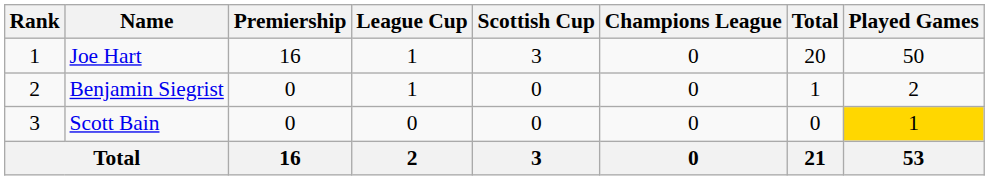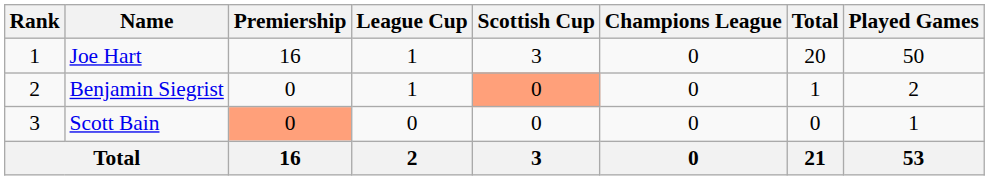 <table class="wikitable sortable" style="text-align: center;">
 <tr>
 <th>Rank</th>
 <th>Name</th>
 <th>Premiership</th>
 <th>League Cup</th>
 <th>Scottish Cup</th>
 <th>Champions League</th>
 <th>Total</th>
 <th>Played Games</th>
 </tr>
 <tr>
 <td align=center rowspan=1>1</td>
 <td align=left> <a href='#'>Joe Hart</a></td>
 <td>16</td>
 <td>1</td>
 <td>3</td>
 <td>0</td>
 <td>20</td>
 <td>50</td>
 </tr>
 <tr>
 <td align=center rowspan=1>2</td>
 <td align=left> <a href='#'>Benjamin Siegrist</a></td>
 <td>0</td>
 <td>1</td>
-<td>0</td>
+<td style="background: lightsalmon;">0</td>
 <td>0</td>
 <td>1</td>
 <td>2</td>
 </tr>
 <tr>
 <td align=center rowspan=1>3</td>
 <td align=left> <a href='#'>Scott Bain</a></td>
+<td style="background: lightsalmon;">0</td>
 <td>0</td>
 <td>0</td>
 <td>0</td>
 <td>0</td>
-<td>0</td>
-<td style="background: gold;">1</td>
+<td>1</td>
 </tr>
 <tr>
 <th colspan=2>Total</th>
 <th>16</th>
 <th>2</th>
 <th>3</th>
 <th>0</th>
 <th>21</th>
 <th>53</th>
 </tr>
 </table>
